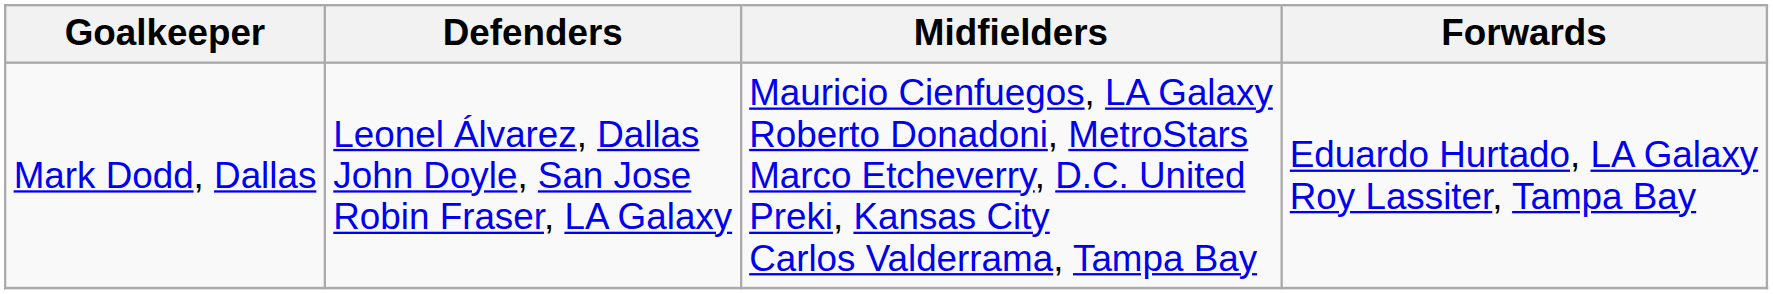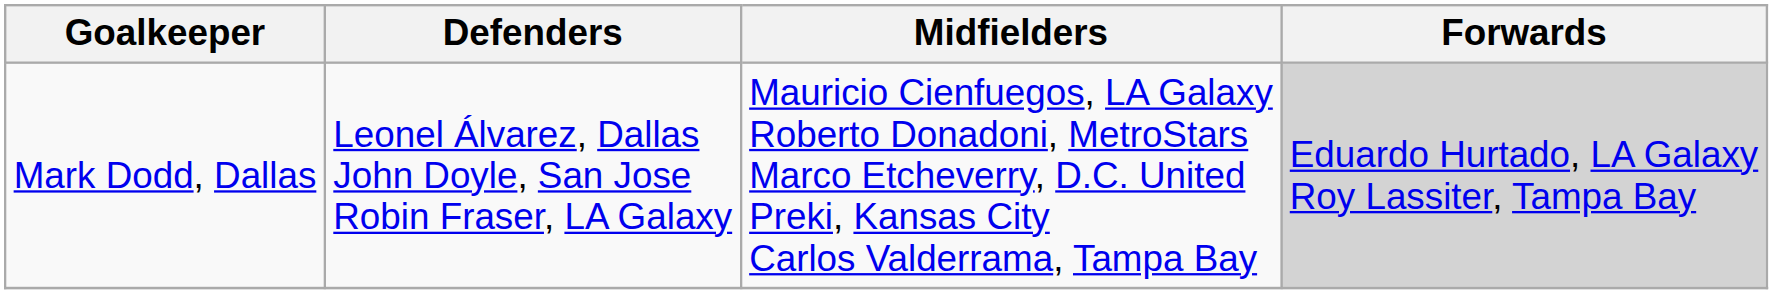 <table class="wikitable">
 <tr style="background:#cccccc;">
 <th>Goalkeeper</th>
 <th>Defenders</th>
 <th>Midfielders</th>
 <th>Forwards</th>
 </tr>
 <tr>
 <td> <a href='#'>Mark Dodd</a>, <a href='#'>Dallas</a></td>
 <td> <a href='#'>Leonel Álvarez</a>, <a href='#'>Dallas</a><br> <a href='#'>John Doyle</a>, <a href='#'>San Jose</a><br> <a href='#'>Robin Fraser</a>, <a href='#'>LA Galaxy</a></td>
 <td> <a href='#'>Mauricio Cienfuegos</a>, <a href='#'>LA Galaxy</a><br> <a href='#'>Roberto Donadoni</a>, <a href='#'>MetroStars</a><br> <a href='#'>Marco Etcheverry</a>, <a href='#'>D.C. United</a><br> <a href='#'>Preki</a>, <a href='#'>Kansas City</a><br> <a href='#'>Carlos Valderrama</a>, <a href='#'>Tampa Bay</a></td>
-<td> <a href='#'>Eduardo Hurtado</a>, <a href='#'>LA Galaxy</a><br> <a href='#'>Roy Lassiter</a>, <a href='#'>Tampa Bay</a></td>
+<td style="background: lightgrey;"> <a href='#'>Eduardo Hurtado</a>, <a href='#'>LA Galaxy</a><br> <a href='#'>Roy Lassiter</a>, <a href='#'>Tampa Bay</a></td>
 </tr>
 <tr style="background:#f4f4f4;">
 </tr>
 </table>
